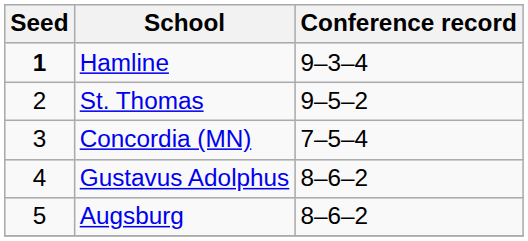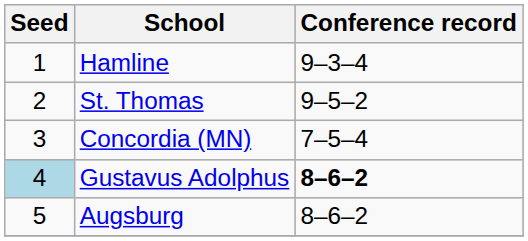 <table class="wikitable">
 <tr>
 <th>Seed</th>
 <th>School</th>
 <th>Conference record</th>
 </tr>
 <tr>
-<td align=center><strong>1</strong></td>
+<td align=center>1</td>
 <td><a href='#'>Hamline</a></td>
 <td>9–3–4</td>
 </tr>
 <tr>
 <td align=center>2</td>
 <td><a href='#'>St. Thomas</a></td>
 <td>9–5–2</td>
 </tr>
 <tr>
 <td align=center>3</td>
 <td><a href='#'>Concordia (MN)</a></td>
 <td>7–5–4</td>
 </tr>
 <tr>
-<td align=center>4</td>
+<td align=center style="background: lightblue;">4</td>
 <td><a href='#'>Gustavus Adolphus</a></td>
-<td>8–6–2</td>
+<td><strong>8–6–2</strong></td>
 </tr>
 <tr>
 <td align=center>5</td>
 <td><a href='#'>Augsburg</a></td>
 <td>8–6–2</td>
 </tr>
 <tr>
 </tr>
 </table>
